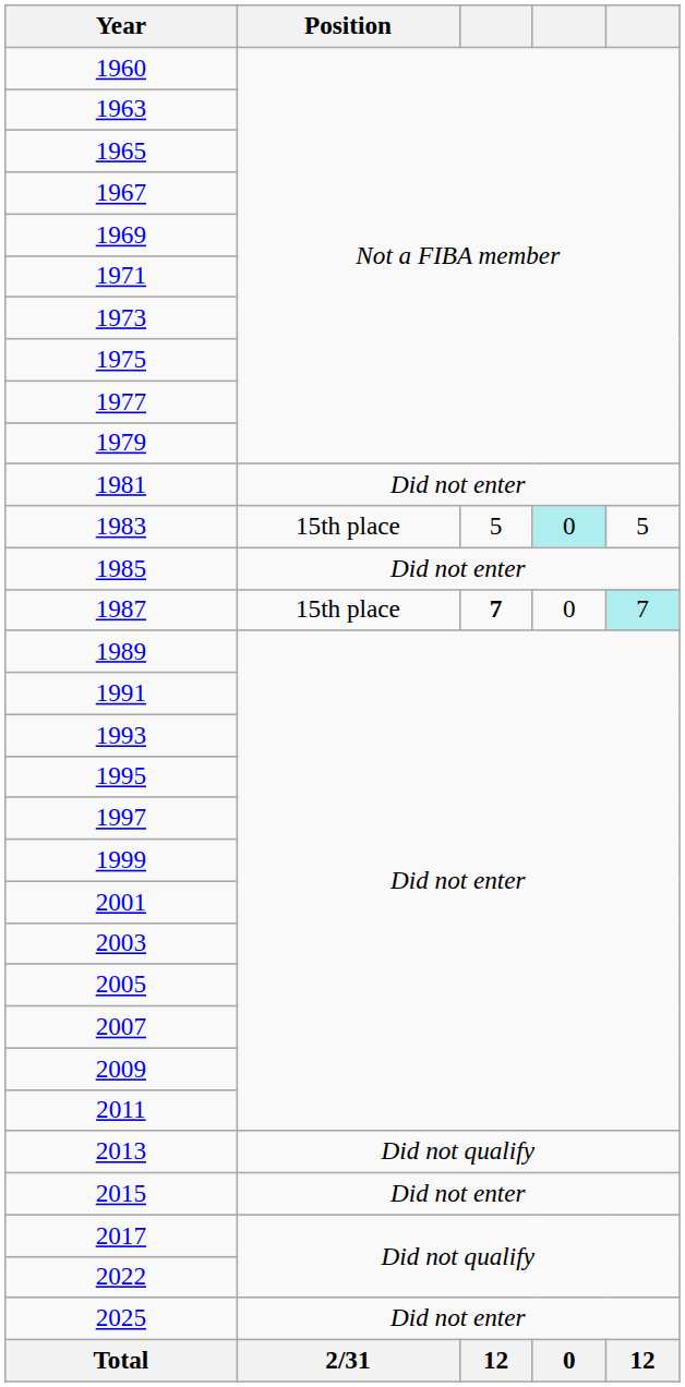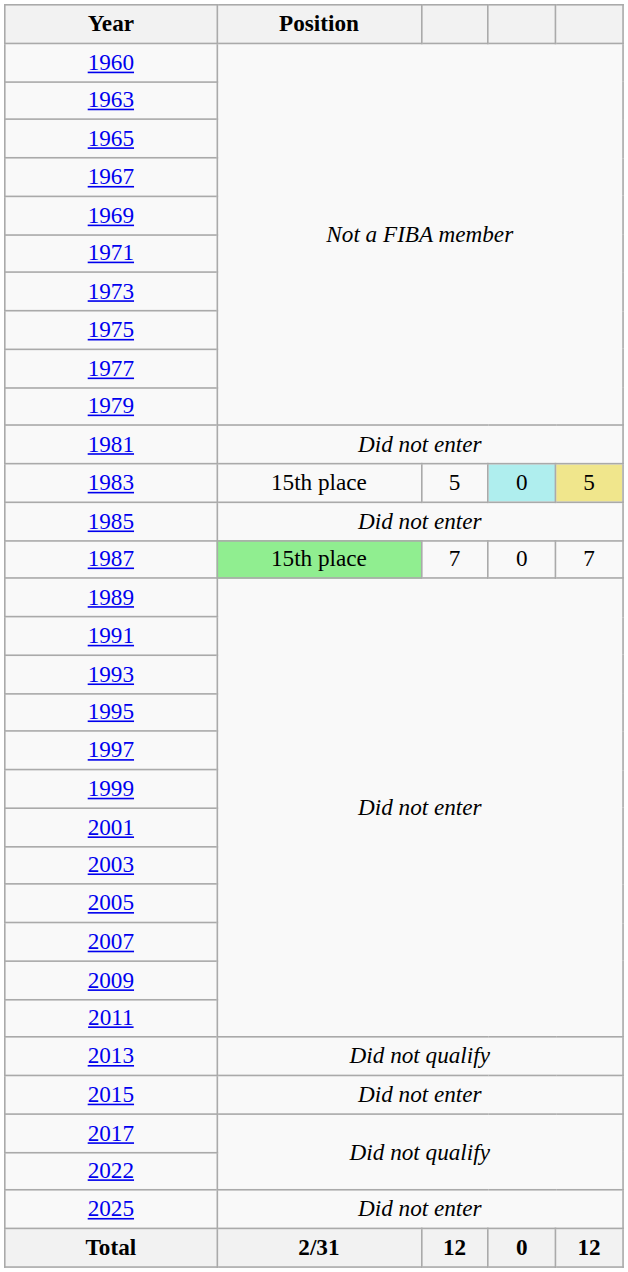 <table class="wikitable" style="text-align: center;font-size:90%;">
 <tr>
 <th width=125>Year</th>
 <th width=120>Position</th>
 <th width=35></th>
 <th width=35></th>
 <th width=35></th>
 </tr>
 <tr>
 <td> <a href='#'>1960</a></td>
 <td rowspan=10 colspan="4"><em>Not a FIBA member</em></td>
 </tr>
 <tr>
 <td> <a href='#'>1963</a></td>
 </tr>
 <tr>
 <td> <a href='#'>1965</a></td>
 </tr>
 <tr>
 <td> <a href='#'>1967</a></td>
 </tr>
 <tr>
 <td> <a href='#'>1969</a></td>
 </tr>
 <tr>
 <td> <a href='#'>1971</a></td>
 </tr>
 <tr>
 <td> <a href='#'>1973</a></td>
 </tr>
 <tr>
 <td> <a href='#'>1975</a></td>
 </tr>
 <tr>
 <td> <a href='#'>1977</a></td>
 </tr>
 <tr>
 <td> <a href='#'>1979</a></td>
 </tr>
 <tr>
 <td> <a href='#'>1981</a></td>
 <td colspan="4"><em>Did not enter</em></td>
 </tr>
 <tr>
 <td> <a href='#'>1983</a></td>
 <td>15th place</td>
 <td>5</td>
 <td style="background: paleturquoise;">0</td>
-<td>5</td>
+<td style="background: khaki;">5</td>
 </tr>
 <tr>
 <td> <a href='#'>1985</a></td>
 <td colspan="4"><em>Did not enter</em></td>
 </tr>
 <tr>
 <td> <a href='#'>1987</a></td>
-<td>15th place</td>
-<td><strong>7</strong></td>
+<td style="background: lightgreen;">15th place</td>
+<td>7</td>
 <td>0</td>
-<td style="background: paleturquoise;">7</td>
+<td>7</td>
 </tr>
 <tr>
 <td> <a href='#'>1989</a></td>
 <td rowspan=12 colspan="4"><em>Did not enter</em></td>
 </tr>
 <tr>
 <td> <a href='#'>1991</a></td>
 </tr>
 <tr>
 <td> <a href='#'>1993</a></td>
 </tr>
 <tr>
 <td> <a href='#'>1995</a></td>
 </tr>
 <tr>
 <td> <a href='#'>1997</a></td>
 </tr>
 <tr>
 <td> <a href='#'>1999</a></td>
 </tr>
 <tr>
 <td> <a href='#'>2001</a></td>
 </tr>
 <tr>
 <td> <a href='#'>2003</a></td>
 </tr>
 <tr>
 <td> <a href='#'>2005</a></td>
 </tr>
 <tr>
 <td> <a href='#'>2007</a></td>
 </tr>
 <tr>
 <td> <a href='#'>2009</a></td>
 </tr>
 <tr>
 <td> <a href='#'>2011</a></td>
 </tr>
 <tr>
 <td> <a href='#'>2013</a></td>
 <td colspan=4><em>Did not qualify</em></td>
 </tr>
 <tr>
 <td> <a href='#'>2015</a></td>
 <td colspan=4><em>Did not enter</em></td>
 </tr>
 <tr>
 <td> <a href='#'>2017</a></td>
 <td rowspan=2 colspan=4><em>Did not qualify</em></td>
 </tr>
 <tr>
 <td> <a href='#'>2022</a></td>
 </tr>
 <tr>
 <td> <a href='#'>2025</a></td>
 <td colspan=4><em>Did not enter</em></td>
 </tr>
 <tr>
 <th>Total</th>
 <th>2/31</th>
 <th>12</th>
 <th>0</th>
 <th>12</th>
 </tr>
 </table>
